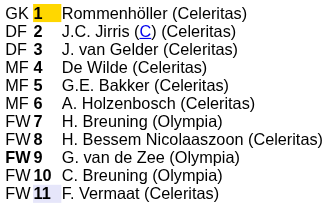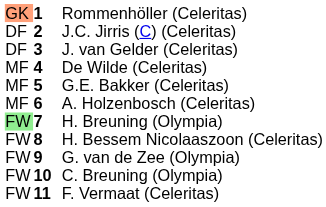 <table style="font-size: 90%" cellspacing="0" cellpadding="0" align=center>
 <tr>
 <td colspan="4"></td>
 </tr>
 <tr>
 <th width=25></th>
 <th width=25></th>
 </tr>
 <tr>
-<td>GK</td>
-<td style="background: gold;"><strong>1</strong></td>
+<td style="background: lightsalmon;">GK</td>
+<td><strong>1</strong></td>
 <td> Rommenhöller (Celeritas)</td>
 </tr>
 <tr>
 <td>DF</td>
 <td><strong>2</strong></td>
 <td> J.C. Jirris (<a href='#'>C</a>) (Celeritas)</td>
 </tr>
 <tr>
 <td>DF</td>
 <td><strong>3</strong></td>
 <td> J. van Gelder (Celeritas)</td>
 </tr>
 <tr>
 <td>MF</td>
 <td><strong>4</strong></td>
 <td> De Wilde (Celeritas)</td>
 </tr>
 <tr>
 <td>MF</td>
 <td><strong>5</strong></td>
 <td> G.E. Bakker (Celeritas)</td>
 </tr>
 <tr>
 <td>MF</td>
 <td><strong>6</strong></td>
 <td> A. Holzenbosch (Celeritas)</td>
 </tr>
 <tr>
-<td>FW</td>
+<td style="background: lightgreen;">FW</td>
 <td><strong>7</strong></td>
 <td> H. Breuning (Olympia)</td>
 </tr>
 <tr>
 <td>FW</td>
 <td><strong>8</strong></td>
 <td> H. Bessem Nicolaaszoon (Celeritas)</td>
 </tr>
 <tr>
-<td><strong>FW</strong></td>
+<td>FW</td>
 <td><strong>9</strong></td>
 <td> G. van de Zee (Olympia)</td>
 </tr>
 <tr>
 <td>FW</td>
 <td><strong>10</strong></td>
 <td> C. Breuning (Olympia)</td>
 </tr>
 <tr>
 <td>FW</td>
-<td style="background: lavender;"><strong>11</strong></td>
+<td><strong>11</strong></td>
 <td> F. Vermaat (Celeritas)</td>
 </tr>
 <tr>
 </tr>
 </table>
